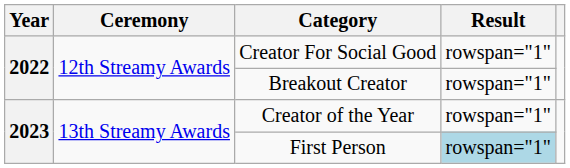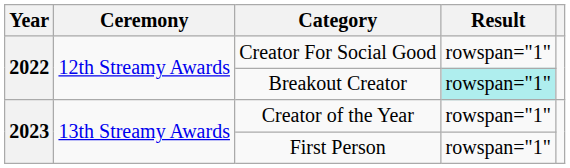 <table class="wikitable plainrowheaders" style="text-align:center;">
 <tr>
 <th>Year</th>
 <th>Ceremony</th>
 <th>Category</th>
 <th>Result</th>
 <th></th>
 </tr>
 <tr>
 <th rowspan="2" scope="row">2022</th>
 <td rowspan="2"><a href='#'>12th Streamy Awards</a></td>
 <td>Creator For Social Good</td>
 <td>rowspan="1" </td>
 <td rowspan="2"></td>
 </tr>
 <tr>
 <td>Breakout Creator</td>
-<td>rowspan="1" </td>
+<td style="background: paleturquoise;">rowspan="1" </td>
 </tr>
 <tr>
 <th rowspan="2" scope="row">2023</th>
 <td rowspan="2"><a href='#'>13th Streamy Awards</a></td>
 <td>Creator of the Year</td>
 <td>rowspan="1" </td>
 <td rowspan="2"></td>
 </tr>
 <tr>
 <td>First Person</td>
-<td style="background: lightblue;">rowspan="1" </td>
+<td>rowspan="1" </td>
 </tr>
 </table>
